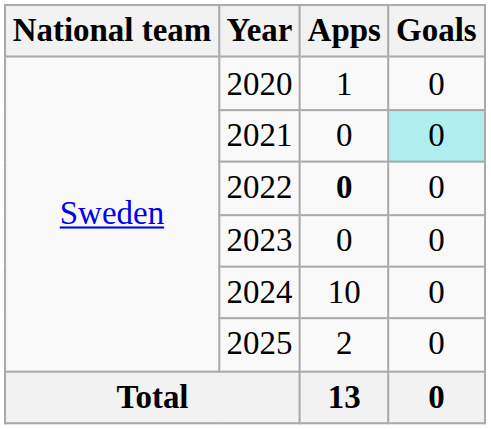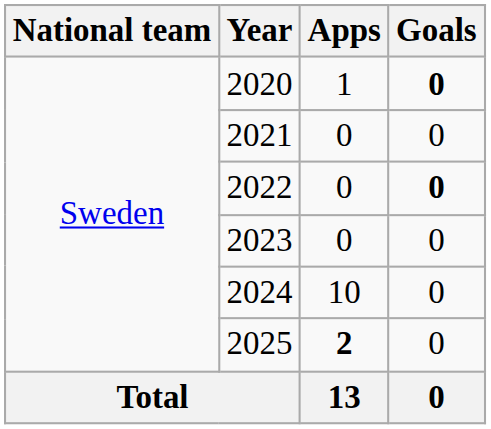 <table class="wikitable" style="text-align:center">
 <tr>
 <th>National team</th>
 <th>Year</th>
 <th>Apps</th>
 <th>Goals</th>
 </tr>
 <tr>
 <td rowspan="6"><a href='#'>Sweden</a></td>
 <td>2020</td>
 <td>1</td>
-<td>0</td>
+<td><strong>0</strong></td>
 </tr>
 <tr>
 <td>2021</td>
 <td>0</td>
-<td style="background: paleturquoise;">0</td>
+<td>0</td>
 </tr>
 <tr>
 <td>2022</td>
+<td>0</td>
 <td><strong>0</strong></td>
-<td>0</td>
 </tr>
 <tr>
 <td>2023</td>
 <td>0</td>
 <td>0</td>
 </tr>
 <tr>
 <td>2024</td>
 <td>10</td>
 <td>0</td>
 </tr>
 <tr>
 <td>2025</td>
-<td>2</td>
+<td><strong>2</strong></td>
 <td>0</td>
 </tr>
 <tr>
 <th colspan="2">Total</th>
 <th>13</th>
 <th>0</th>
 </tr>
 </table>
